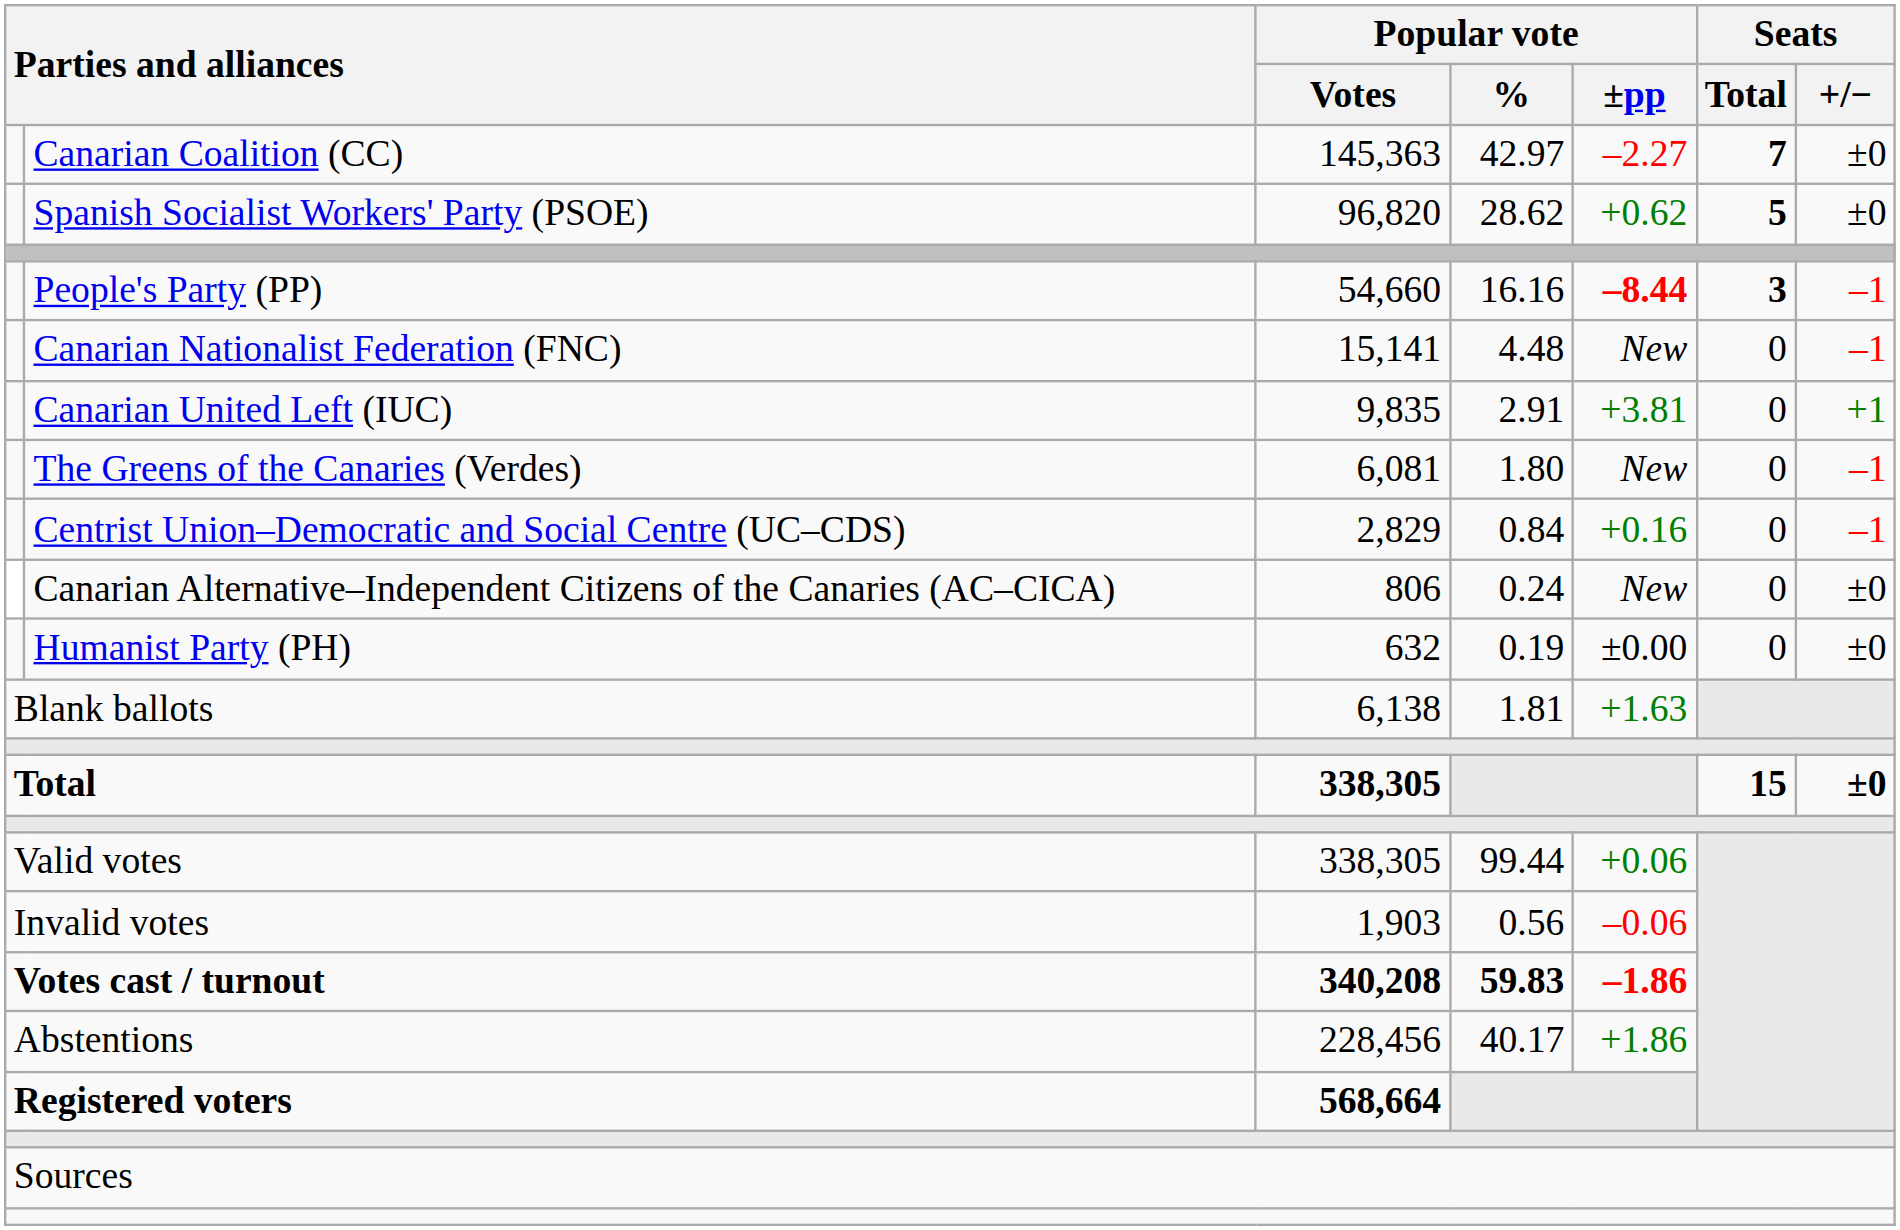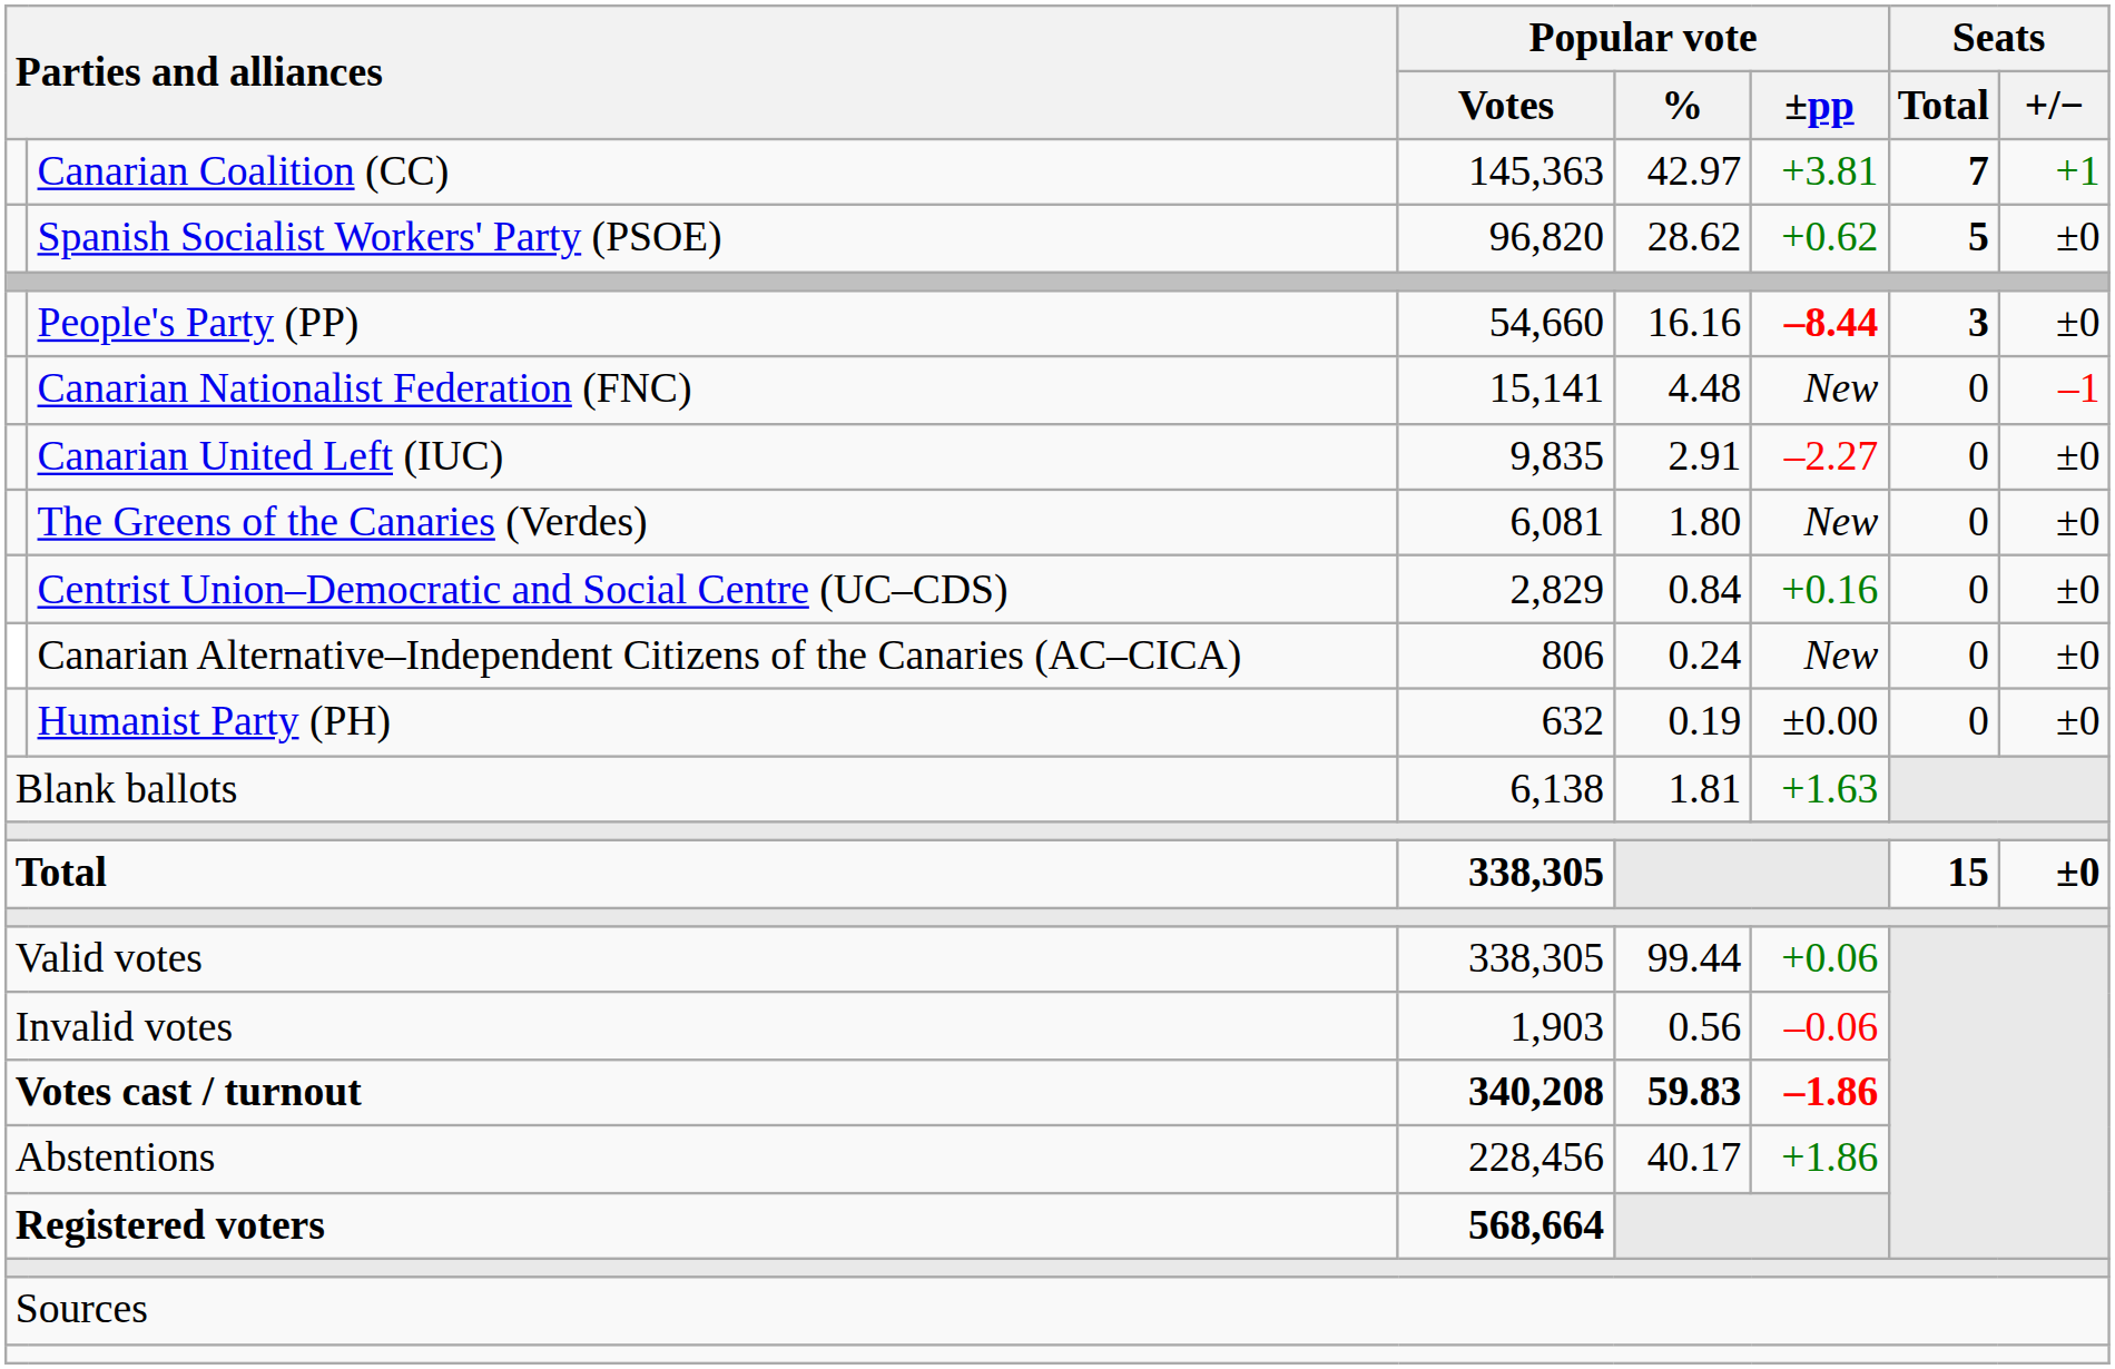 <table class="wikitable" style="text-align:right;">
 <tr>
 <th style="text-align:left;" rowspan="2" colspan="2" width="525">Parties and alliances</th>
 <th colspan="3">Popular vote</th>
 <th colspan="2">Seats</th>
 </tr>
 <tr>
 <th width="75">Votes</th>
 <th width="45">%</th>
 <th width="45">±<a href='#'>pp</a></th>
 <th width="35">Total</th>
 <th width="35">+/−</th>
 </tr>
 <tr>
 <td width="1" style="color:inherit;background:"></td>
 <td align="left"><a href='#'>Canarian Coalition</a> (CC)</td>
 <td>145,363</td>
 <td>42.97</td>
-<td style="color:red;">–2.27</td>
+<td style="color:green;">+3.81</td>
 <td><strong>7</strong></td>
-<td>±0</td>
+<td style="color:green;">+1</td>
 </tr>
 <tr>
 <td style="color:inherit;background:"></td>
 <td align="left"><a href='#'>Spanish Socialist Workers' Party</a> (PSOE)</td>
 <td>96,820</td>
 <td>28.62</td>
 <td style="color:green;">+0.62</td>
 <td><strong>5</strong></td>
 <td>±0</td>
 </tr>
 <tr>
 <td colspan="7" bgcolor="#C0C0C0"></td>
 </tr>
 <tr>
 <td style="color:inherit;background:"></td>
 <td align="left"><a href='#'>People's Party</a> (PP)</td>
 <td>54,660</td>
 <td>16.16</td>
 <td style="color:red;"><strong>–8.44</strong></td>
 <td><strong>3</strong></td>
-<td style="color:red;">–1</td>
+<td>±0</td>
 </tr>
 <tr>
 <td style="color:inherit;background:"></td>
 <td align="left"><a href='#'>Canarian Nationalist Federation</a> (FNC)</td>
 <td>15,141</td>
 <td>4.48</td>
 <td><em>New</em></td>
 <td>0</td>
 <td style="color:red;">–1</td>
 </tr>
 <tr>
 <td style="color:inherit;background:"></td>
 <td align="left"><a href='#'>Canarian United Left</a> (IUC)</td>
 <td>9,835</td>
 <td>2.91</td>
-<td style="color:green;">+3.81</td>
+<td style="color:red;">–2.27</td>
 <td>0</td>
-<td style="color:green;">+1</td>
+<td>±0</td>
 </tr>
 <tr>
 <td style="color:inherit;background:"></td>
 <td align="left"><a href='#'>The Greens of the Canaries</a> (Verdes)</td>
 <td>6,081</td>
 <td>1.80</td>
 <td><em>New</em></td>
 <td>0</td>
-<td style="color:red;">–1</td>
+<td>±0</td>
 </tr>
 <tr>
 <td style="color:inherit;background:"></td>
 <td align="left"><a href='#'>Centrist Union–Democratic and Social Centre</a> (UC–CDS)</td>
 <td>2,829</td>
 <td>0.84</td>
 <td style="color:green;">+0.16</td>
 <td>0</td>
-<td style="color:red;">–1</td>
+<td>±0</td>
 </tr>
 <tr>
 <td bgcolor="white"></td>
 <td align="left">Canarian Alternative–Independent Citizens of the Canaries (AC–CICA)</td>
 <td>806</td>
 <td>0.24</td>
 <td><em>New</em></td>
 <td>0</td>
 <td>±0</td>
 </tr>
 <tr>
 <td style="color:inherit;background:"></td>
 <td align="left"><a href='#'>Humanist Party</a> (PH)</td>
 <td>632</td>
 <td>0.19</td>
 <td>±0.00</td>
 <td>0</td>
 <td>±0</td>
 </tr>
 <tr>
 <td align="left" colspan="2">Blank ballots</td>
 <td>6,138</td>
 <td>1.81</td>
 <td style="color:green;">+1.63</td>
 <td bgcolor="#E9E9E9" colspan="2"></td>
 </tr>
 <tr>
 <td colspan="7" bgcolor="#E9E9E9"></td>
 </tr>
 <tr style="font-weight:bold;">
 <td align="left" colspan="2">Total</td>
 <td>338,305</td>
 <td bgcolor="#E9E9E9" colspan="2"></td>
 <td>15</td>
 <td>±0</td>
 </tr>
 <tr>
 <td colspan="7" bgcolor="#E9E9E9"></td>
 </tr>
 <tr>
 <td align="left" colspan="2">Valid votes</td>
 <td>338,305</td>
 <td>99.44</td>
 <td style="color:green;">+0.06</td>
 <td bgcolor="#E9E9E9" colspan="2" rowspan="5"></td>
 </tr>
 <tr>
 <td align="left" colspan="2">Invalid votes</td>
 <td>1,903</td>
 <td>0.56</td>
 <td style="color:red;">–0.06</td>
 </tr>
 <tr style="font-weight:bold;">
 <td align="left" colspan="2">Votes cast / turnout</td>
 <td>340,208</td>
 <td>59.83</td>
 <td style="color:red;">–1.86</td>
 </tr>
 <tr>
 <td align="left" colspan="2">Abstentions</td>
 <td>228,456</td>
 <td>40.17</td>
 <td style="color:green;">+1.86</td>
 </tr>
 <tr style="font-weight:bold;">
 <td align="left" colspan="2">Registered voters</td>
 <td>568,664</td>
 <td bgcolor="#E9E9E9" colspan="2"></td>
 </tr>
 <tr>
 <td colspan="7" bgcolor="#E9E9E9"></td>
 </tr>
 <tr>
 <td align="left" colspan="7">Sources</td>
 </tr>
 <tr>
 <td colspan="7" style="text-align:left; max-width:790px;"></td>
 </tr>
 </table>
